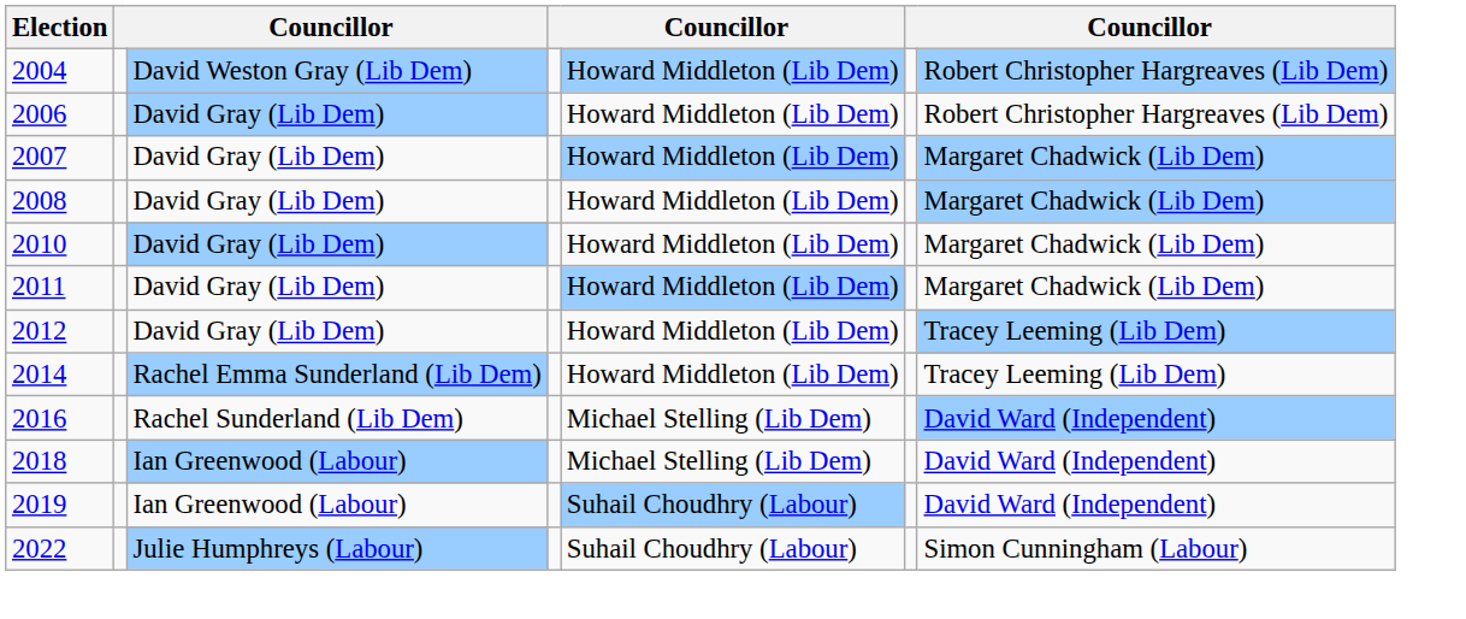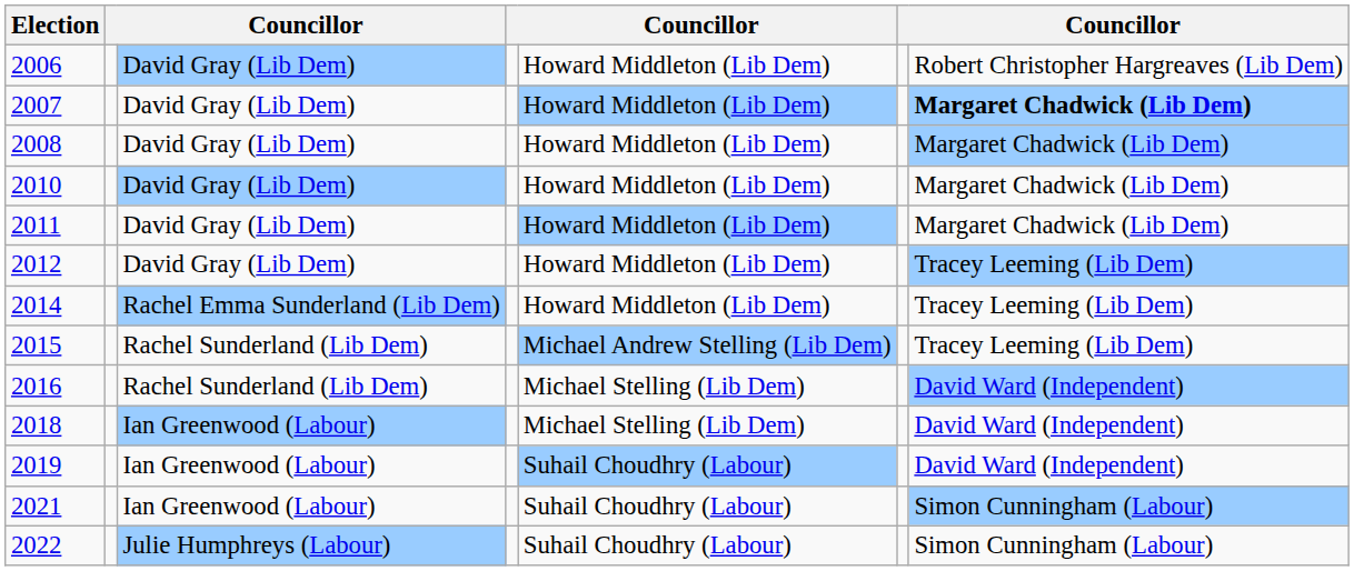 <table class="wikitable">
 <tr>
 <th>Election</th>
 <th colspan="2">Councillor</th>
 <th colspan="2">Councillor</th>
 <th colspan="2">Councillor</th>
-</tr>
-<tr>
-<td><a href='#'>2004</a></td>
-<td style="background-color: "></td>
-<td bgcolor="#99CCFF">David Weston Gray (<a href='#'>Lib Dem</a>)</td>
-<td style="background-color: "></td>
-<td bgcolor="#99CCFF">Howard Middleton (<a href='#'>Lib Dem</a>)</td>
-<td style="background-color: "></td>
-<td bgcolor="#99CCFF">Robert Christopher Hargreaves (<a href='#'>Lib Dem</a>)</td>
 </tr>
 <tr>
 <td><a href='#'>2006</a></td>
 <td style="background-color: "></td>
 <td bgcolor="#99CCFF">David Gray (<a href='#'>Lib Dem</a>)</td>
 <td style="background-color: "></td>
 <td>Howard Middleton (<a href='#'>Lib Dem</a>)</td>
 <td style="background-color: "></td>
 <td>Robert Christopher Hargreaves (<a href='#'>Lib Dem</a>)</td>
 </tr>
 <tr>
 <td><a href='#'>2007</a></td>
 <td style="background-color: "></td>
 <td>David Gray (<a href='#'>Lib Dem</a>)</td>
 <td style="background-color: "></td>
 <td bgcolor="#99CCFF">Howard Middleton (<a href='#'>Lib Dem</a>)</td>
 <td style="background-color: "></td>
-<td bgcolor="#99CCFF">Margaret Chadwick (<a href='#'>Lib Dem</a>)</td>
+<td bgcolor="#99CCFF"><strong>Margaret Chadwick (<a href='#'>Lib Dem</a>)</strong></td>
 </tr>
 <tr>
 <td><a href='#'>2008</a></td>
 <td style="background-color: "></td>
 <td>David Gray (<a href='#'>Lib Dem</a>)</td>
 <td style="background-color: "></td>
 <td>Howard Middleton (<a href='#'>Lib Dem</a>)</td>
 <td style="background-color: "></td>
 <td bgcolor="#99CCFF">Margaret Chadwick (<a href='#'>Lib Dem</a>)</td>
 </tr>
 <tr>
 <td><a href='#'>2010</a></td>
 <td style="background-color: "></td>
 <td bgcolor="#99CCFF">David Gray (<a href='#'>Lib Dem</a>)</td>
 <td style="background-color: "></td>
 <td>Howard Middleton (<a href='#'>Lib Dem</a>)</td>
 <td style="background-color: "></td>
 <td>Margaret Chadwick (<a href='#'>Lib Dem</a>)</td>
 </tr>
 <tr>
 <td><a href='#'>2011</a></td>
 <td style="background-color: "></td>
 <td>David Gray (<a href='#'>Lib Dem</a>)</td>
 <td style="background-color: "></td>
 <td bgcolor="#99CCFF">Howard Middleton (<a href='#'>Lib Dem</a>)</td>
 <td style="background-color: "></td>
 <td>Margaret Chadwick (<a href='#'>Lib Dem</a>)</td>
 </tr>
 <tr>
 <td><a href='#'>2012</a></td>
 <td style="background-color: "></td>
 <td>David Gray (<a href='#'>Lib Dem</a>)</td>
 <td style="background-color: "></td>
 <td>Howard Middleton (<a href='#'>Lib Dem</a>)</td>
 <td style="background-color: "></td>
 <td bgcolor="#99CCFF">Tracey Leeming (<a href='#'>Lib Dem</a>)</td>
 </tr>
 <tr>
 <td><a href='#'>2014</a></td>
 <td style="background-color: "></td>
 <td bgcolor="#99CCFF">Rachel Emma Sunderland (<a href='#'>Lib Dem</a>)</td>
 <td style="background-color: "></td>
 <td>Howard Middleton (<a href='#'>Lib Dem</a>)</td>
 <td style="background-color: "></td>
 <td>Tracey Leeming (<a href='#'>Lib Dem</a>)</td>
 </tr>
 <tr>
+<td><a href='#'>2015</a></td>
+<td style="background-color: "></td>
+<td>Rachel Sunderland (<a href='#'>Lib Dem</a>)</td>
+<td style="background-color: "></td>
+<td bgcolor="#99CCFF">Michael Andrew Stelling (<a href='#'>Lib Dem</a>)</td>
+<td style="background-color: "></td>
+<td>Tracey Leeming (<a href='#'>Lib Dem</a>)</td>
+</tr>
+<tr>
 <td><a href='#'>2016</a></td>
 <td style="background-color: "></td>
 <td>Rachel Sunderland (<a href='#'>Lib Dem</a>)</td>
 <td style="background-color: "></td>
 <td>Michael Stelling (<a href='#'>Lib Dem</a>)</td>
 <td style="background-color: "></td>
 <td bgcolor="#99CCFF"><a href='#'>David Ward</a> (<a href='#'>Independent</a>)</td>
 </tr>
 <tr>
 <td><a href='#'>2018</a></td>
 <td style="background-color: "></td>
 <td bgcolor="#99CCFF">Ian Greenwood (<a href='#'>Labour</a>)</td>
 <td style="background-color: "></td>
 <td>Michael Stelling (<a href='#'>Lib Dem</a>)</td>
 <td style="background-color: "></td>
 <td><a href='#'>David Ward</a> (<a href='#'>Independent</a>)</td>
 </tr>
 <tr>
 <td><a href='#'>2019</a></td>
 <td style="background-color: "></td>
 <td>Ian Greenwood (<a href='#'>Labour</a>)</td>
 <td style="background-color: "></td>
 <td bgcolor="#99CCFF">Suhail Choudhry (<a href='#'>Labour</a>)</td>
 <td style="background-color: "></td>
 <td><a href='#'>David Ward</a> (<a href='#'>Independent</a>)</td>
 </tr>
 <tr>
+<td><a href='#'>2021</a></td>
+<td style="background-color: "></td>
+<td>Ian Greenwood (<a href='#'>Labour</a>)</td>
+<td style="background-color: "></td>
+<td>Suhail Choudhry (<a href='#'>Labour</a>)</td>
+<td style="background-color: "></td>
+<td bgcolor="#99CCFF">Simon Cunningham (<a href='#'>Labour</a>)</td>
+</tr>
+<tr>
 <td><a href='#'>2022</a></td>
 <td style="background-color: "></td>
 <td bgcolor="#99CCFF">Julie Humphreys (<a href='#'>Labour</a>)</td>
 <td style="background-color: "></td>
 <td>Suhail Choudhry (<a href='#'>Labour</a>)</td>
 <td style="background-color: "></td>
 <td>Simon Cunningham (<a href='#'>Labour</a>)</td>
 </tr>
 </table>
